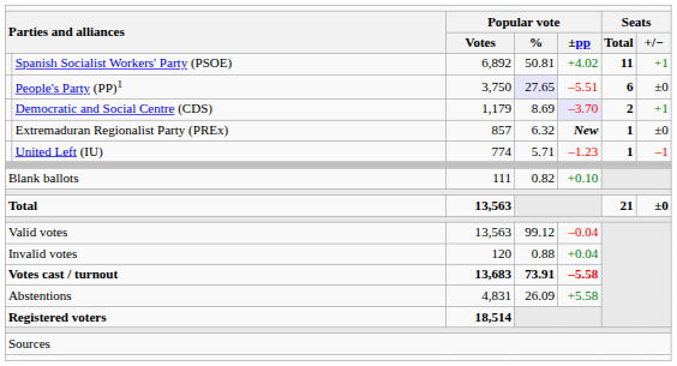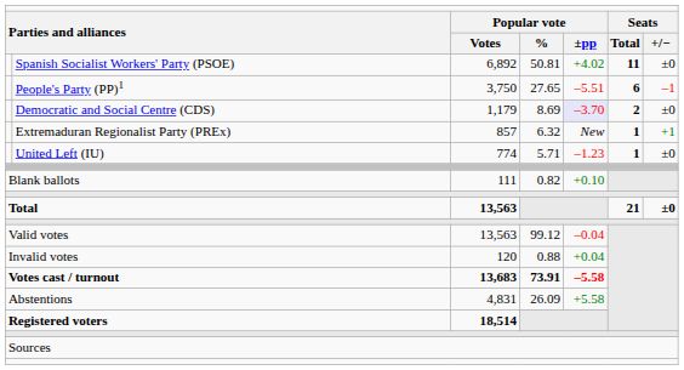 <table class="wikitable" style="text-align:right;">
 <tr>
 <td colspan="7"></td>
 </tr>
 <tr>
 <th style="text-align:left;" rowspan="2" colspan="2" width="525">Parties and alliances</th>
 <th colspan="3">Popular vote</th>
 <th colspan="2">Seats</th>
 </tr>
 <tr>
 <th width="75">Votes</th>
 <th width="45">%</th>
 <th width="45">±<a href='#'>pp</a></th>
 <th width="35">Total</th>
 <th width="35">+/−</th>
 </tr>
 <tr>
 <td width="1" style="color:inherit;background:"></td>
 <td align="left"><a href='#'>Spanish Socialist Workers' Party</a> (PSOE)</td>
 <td>6,892</td>
 <td>50.81</td>
 <td style="color:green;">+4.02</td>
 <td><strong>11</strong></td>
-<td style="color:green;">+1</td>
+<td>±0</td>
 </tr>
 <tr>
 <td style="color:inherit;background:"></td>
 <td align="left"><a href='#'>People's Party</a> (PP)<sup>1</sup></td>
 <td>3,750</td>
-<td style="background: lavender;">27.65</td>
+<td>27.65</td>
 <td style="color:red;">–5.51</td>
 <td><strong>6</strong></td>
-<td>±0</td>
+<td style="color:red;">–1</td>
 </tr>
 <tr>
 <td style="color:inherit;background:"></td>
 <td align="left"><a href='#'>Democratic and Social Centre</a> (CDS)</td>
 <td>1,179</td>
 <td>8.69</td>
 <td style="background: lavender; color:red;">–3.70</td>
 <td><strong>2</strong></td>
-<td style="color:green;">+1</td>
+<td>±0</td>
 </tr>
 <tr>
 <td style="color:inherit;background:"></td>
 <td align="left">Extremaduran Regionalist Party (PREx)</td>
 <td>857</td>
 <td>6.32</td>
-<td><strong><em>New</em></strong></td>
+<td><em>New</em></td>
 <td><strong>1</strong></td>
-<td>±0</td>
+<td style="color:green;">+1</td>
 </tr>
 <tr>
 <td style="color:inherit;background:"></td>
 <td align="left"><a href='#'>United Left</a> (IU)</td>
 <td>774</td>
 <td>5.71</td>
 <td style="color:red;">–1.23</td>
 <td><strong>1</strong></td>
-<td style="color:red;">–1</td>
+<td>±0</td>
 </tr>
 <tr>
 <td colspan="7" bgcolor="#C0C0C0"></td>
 </tr>
 <tr>
 <td align="left" colspan="2">Blank ballots</td>
 <td>111</td>
 <td>0.82</td>
 <td style="color:green;">+0.10</td>
 <td bgcolor="#E9E9E9" colspan="2"></td>
 </tr>
 <tr>
 <td colspan="7" bgcolor="#E9E9E9"></td>
 </tr>
 <tr style="font-weight:bold;">
 <td align="left" colspan="2">Total</td>
 <td>13,563</td>
 <td bgcolor="#E9E9E9" colspan="2"></td>
 <td>21</td>
 <td>±0</td>
 </tr>
 <tr>
 <td colspan="7" bgcolor="#E9E9E9"></td>
 </tr>
 <tr>
 <td align="left" colspan="2">Valid votes</td>
 <td>13,563</td>
 <td>99.12</td>
 <td style="color:red;">–0.04</td>
 <td bgcolor="#E9E9E9" colspan="2" rowspan="5"></td>
 </tr>
 <tr>
 <td align="left" colspan="2">Invalid votes</td>
 <td>120</td>
 <td>0.88</td>
 <td style="color:green;">+0.04</td>
 </tr>
 <tr style="font-weight:bold;">
 <td align="left" colspan="2">Votes cast / turnout</td>
 <td>13,683</td>
 <td>73.91</td>
 <td style="color:red;">–5.58</td>
 </tr>
 <tr>
 <td align="left" colspan="2">Abstentions</td>
 <td>4,831</td>
 <td>26.09</td>
 <td style="color:green;">+5.58</td>
 </tr>
 <tr style="font-weight:bold;">
 <td align="left" colspan="2">Registered voters</td>
 <td>18,514</td>
 <td bgcolor="#E9E9E9" colspan="2"></td>
 </tr>
 <tr>
 <td colspan="7" bgcolor="#E9E9E9"></td>
 </tr>
 <tr>
 <td align="left" colspan="7">Sources</td>
 </tr>
 <tr>
 <td colspan="7" style="text-align:left; max-width:790px;"></td>
 </tr>
 </table>
